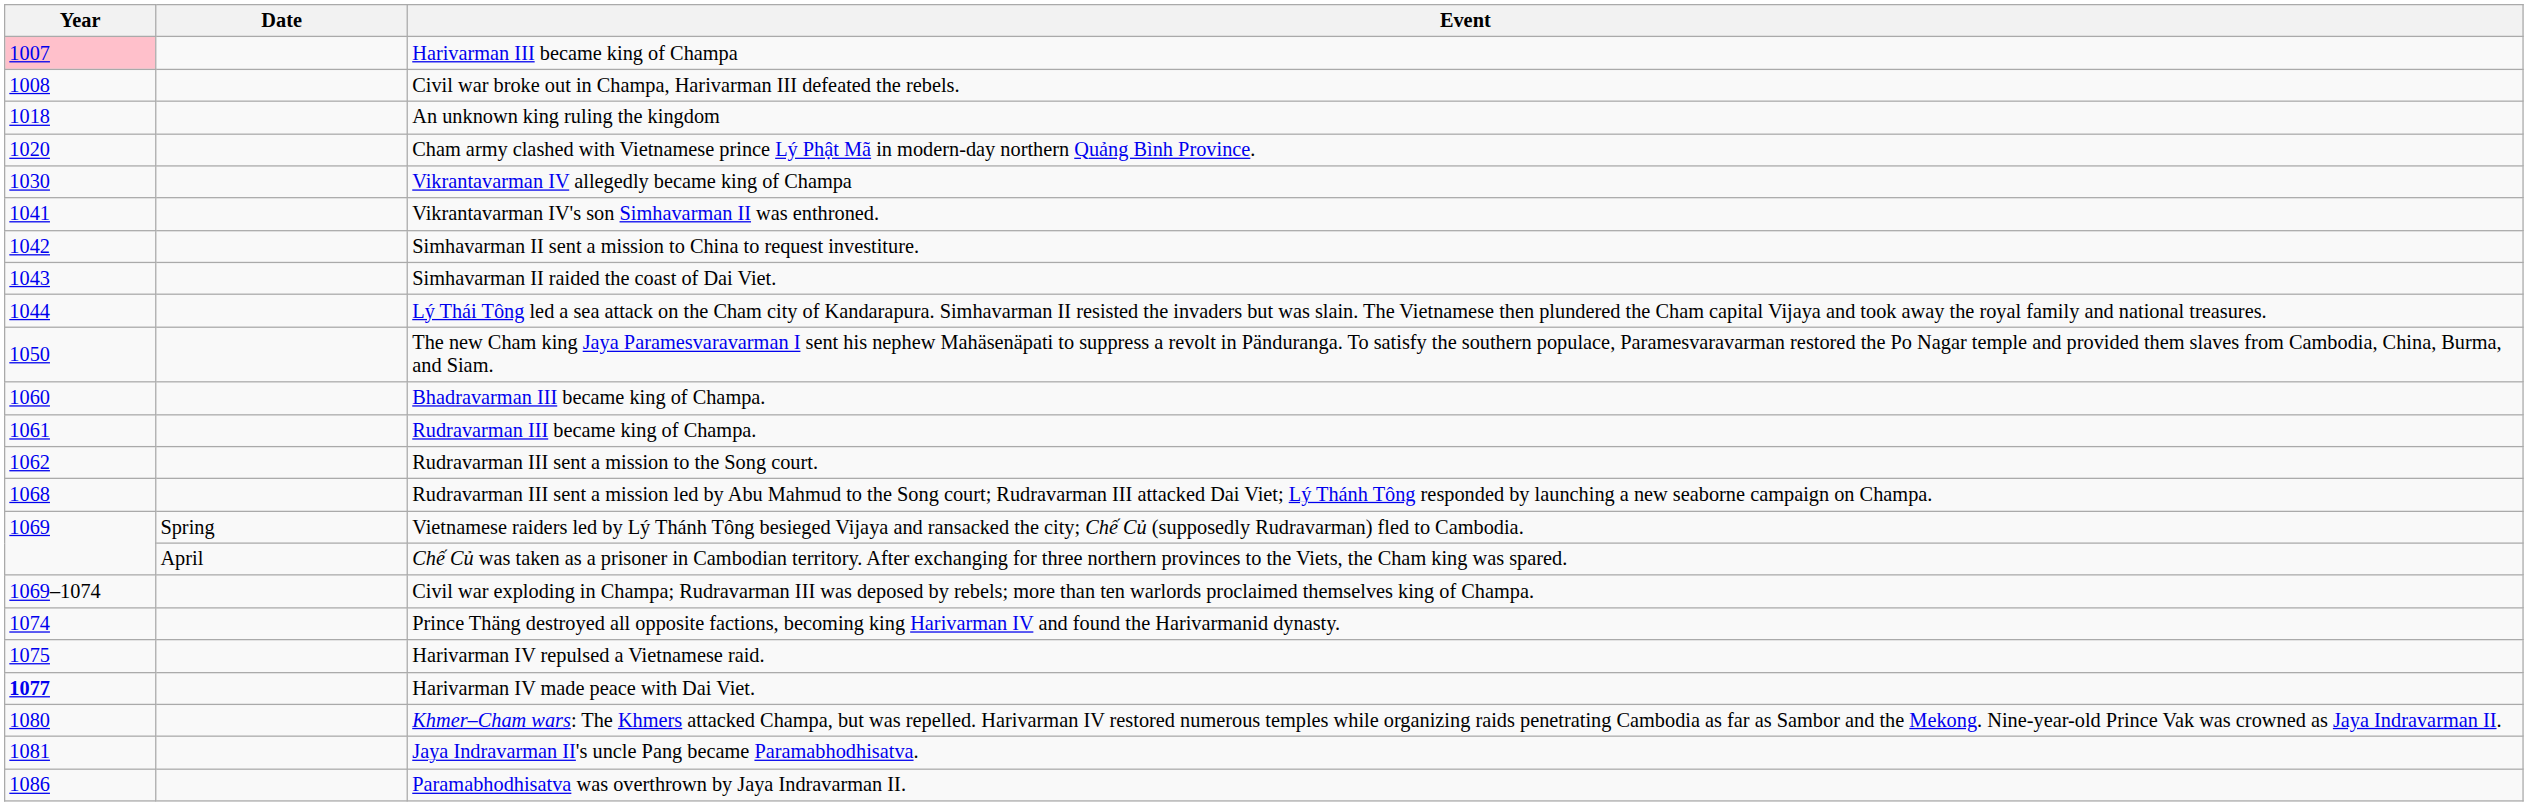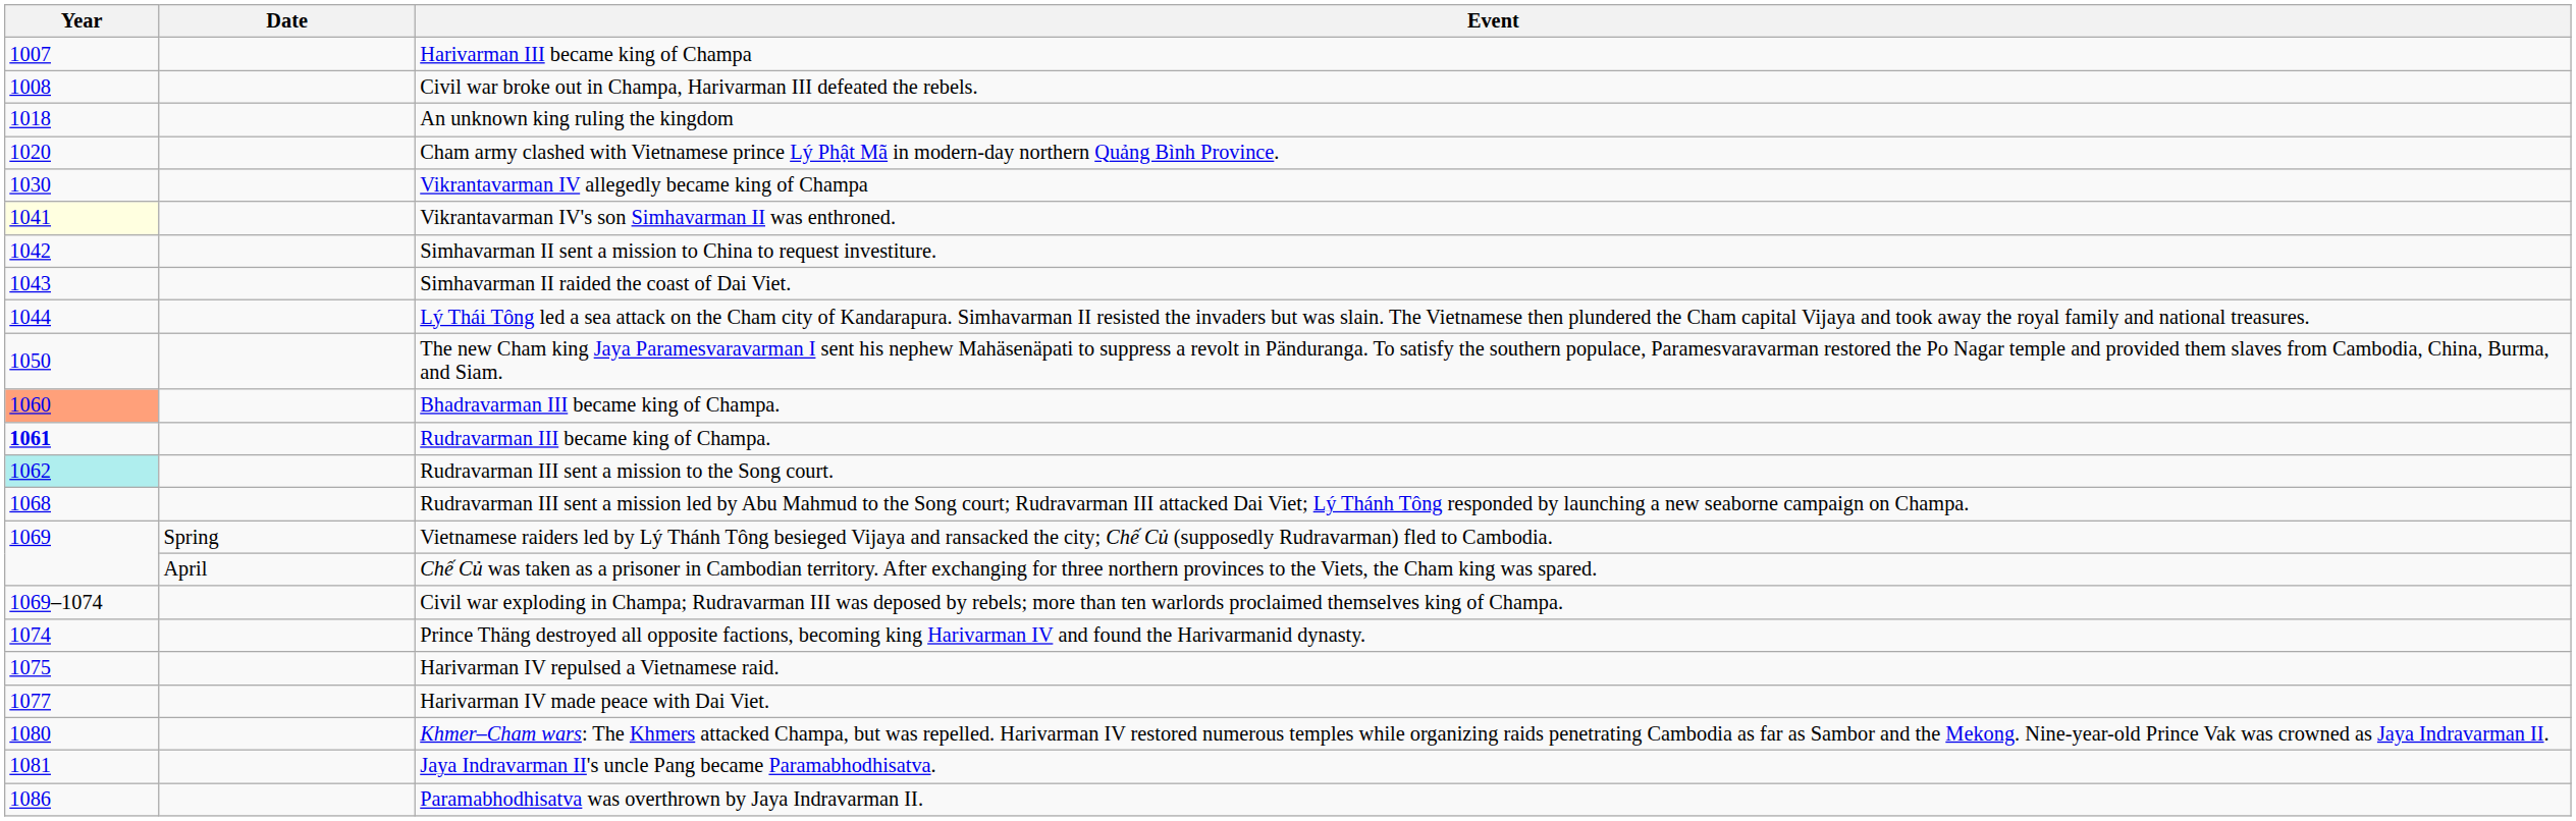 <table class="wikitable" width="100%">
 <tr>
 <th style="width:6%">Year</th>
 <th style="width:10%">Date</th>
 <th>Event</th>
 </tr>
 <tr>
-<td style="background: pink;"><a href='#'>1007</a></td>
+<td><a href='#'>1007</a></td>
 <td></td>
 <td><a href='#'>Harivarman III</a> became king of Champa</td>
 </tr>
 <tr>
 <td><a href='#'>1008</a></td>
 <td></td>
 <td>Civil war broke out in Champa, Harivarman III defeated the rebels.</td>
 </tr>
 <tr>
 <td><a href='#'>1018</a></td>
 <td></td>
 <td>An unknown king ruling the kingdom</td>
 </tr>
 <tr>
 <td><a href='#'>1020</a></td>
 <td></td>
 <td>Cham army clashed with Vietnamese prince <a href='#'>Lý Phật Mã</a> in modern-day northern <a href='#'>Quảng Bình Province</a>.</td>
 </tr>
 <tr>
 <td><a href='#'>1030</a></td>
 <td></td>
 <td><a href='#'>Vikrantavarman IV</a> allegedly became king of Champa</td>
 </tr>
 <tr>
-<td><a href='#'>1041</a></td>
+<td style="background: lightyellow;"><a href='#'>1041</a></td>
 <td></td>
 <td>Vikrantavarman IV's son <a href='#'>Simhavarman II</a> was enthroned.</td>
 </tr>
 <tr>
 <td><a href='#'>1042</a></td>
 <td></td>
 <td>Simhavarman II sent a mission to China to request investiture.</td>
 </tr>
 <tr>
 <td><a href='#'>1043</a></td>
 <td></td>
 <td>Simhavarman II raided the coast of Dai Viet.</td>
 </tr>
 <tr>
 <td><a href='#'>1044</a></td>
 <td></td>
 <td><a href='#'>Lý Thái Tông</a> led a sea attack on the Cham city of Kandarapura. Simhavarman II resisted the invaders but was slain. The Vietnamese then plundered the Cham capital Vijaya and took away the royal family and national treasures.</td>
 </tr>
 <tr>
 <td><a href='#'>1050</a></td>
 <td></td>
 <td>The new Cham king <a href='#'>Jaya Paramesvaravarman I</a> sent his nephew Mahäsenäpati to suppress a revolt in Pänduranga. To satisfy the southern populace, Paramesvaravarman restored the Po Nagar temple and provided them slaves from Cambodia, China, Burma, and Siam.</td>
 </tr>
 <tr>
-<td><a href='#'>1060</a></td>
+<td style="background: lightsalmon;"><a href='#'>1060</a></td>
 <td></td>
 <td><a href='#'>Bhadravarman III</a> became king of Champa.</td>
 </tr>
 <tr>
-<td><a href='#'>1061</a></td>
+<td><strong><a href='#'>1061</a></strong></td>
 <td></td>
 <td><a href='#'>Rudravarman III</a> became king of Champa.</td>
 </tr>
 <tr>
-<td><a href='#'>1062</a></td>
+<td style="background: paleturquoise;"><a href='#'>1062</a></td>
 <td></td>
 <td>Rudravarman III sent a mission to the Song court.</td>
 </tr>
 <tr>
 <td><a href='#'>1068</a></td>
 <td></td>
 <td>Rudravarman III sent a mission led by Abu Mahmud to the Song court; Rudravarman III attacked Dai Viet; <a href='#'>Lý Thánh Tông</a> responded by launching a new seaborne campaign on Champa.</td>
 </tr>
 <tr>
 <td rowspan="2" valign="top"><a href='#'>1069</a></td>
 <td>Spring</td>
 <td>Vietnamese raiders led by Lý Thánh Tông besieged Vijaya and ransacked the city; <em>Chế Củ</em> (supposedly Rudravarman) fled to Cambodia.</td>
 </tr>
 <tr>
 <td>April</td>
 <td><em>Chế Củ</em> was taken as a prisoner in Cambodian territory. After exchanging for three northern provinces to the Viets, the Cham king was spared.</td>
 </tr>
 <tr>
 <td><a href='#'>1069</a>–1074</td>
 <td></td>
 <td>Civil war exploding in Champa; Rudravarman III was deposed by rebels; more than ten warlords proclaimed themselves king of Champa.</td>
 </tr>
 <tr>
 <td><a href='#'>1074</a></td>
 <td></td>
 <td>Prince Thäng destroyed all opposite factions, becoming king <a href='#'>Harivarman IV</a> and found the Harivarmanid dynasty.</td>
 </tr>
 <tr>
 <td><a href='#'>1075</a></td>
 <td></td>
 <td>Harivarman IV repulsed a Vietnamese raid.</td>
 </tr>
 <tr>
-<td><strong><a href='#'>1077</a></strong></td>
+<td><a href='#'>1077</a></td>
 <td></td>
 <td>Harivarman IV made peace with Dai Viet.</td>
 </tr>
 <tr>
 <td><a href='#'>1080</a></td>
 <td></td>
 <td><em><a href='#'>Khmer–Cham wars</a></em>: The <a href='#'>Khmers</a> attacked Champa, but was repelled. Harivarman IV restored numerous temples while organizing raids penetrating Cambodia as far as Sambor and the <a href='#'>Mekong</a>. Nine-year-old Prince Vak was crowned as <a href='#'>Jaya Indravarman II</a>.</td>
 </tr>
 <tr>
 <td><a href='#'>1081</a></td>
 <td></td>
 <td><a href='#'>Jaya Indravarman II</a>'s uncle Pang became <a href='#'>Paramabhodhisatva</a>.</td>
 </tr>
 <tr>
 <td><a href='#'>1086</a></td>
 <td></td>
 <td><a href='#'>Paramabhodhisatva</a> was overthrown by Jaya Indravarman II.</td>
 </tr>
 </table>
